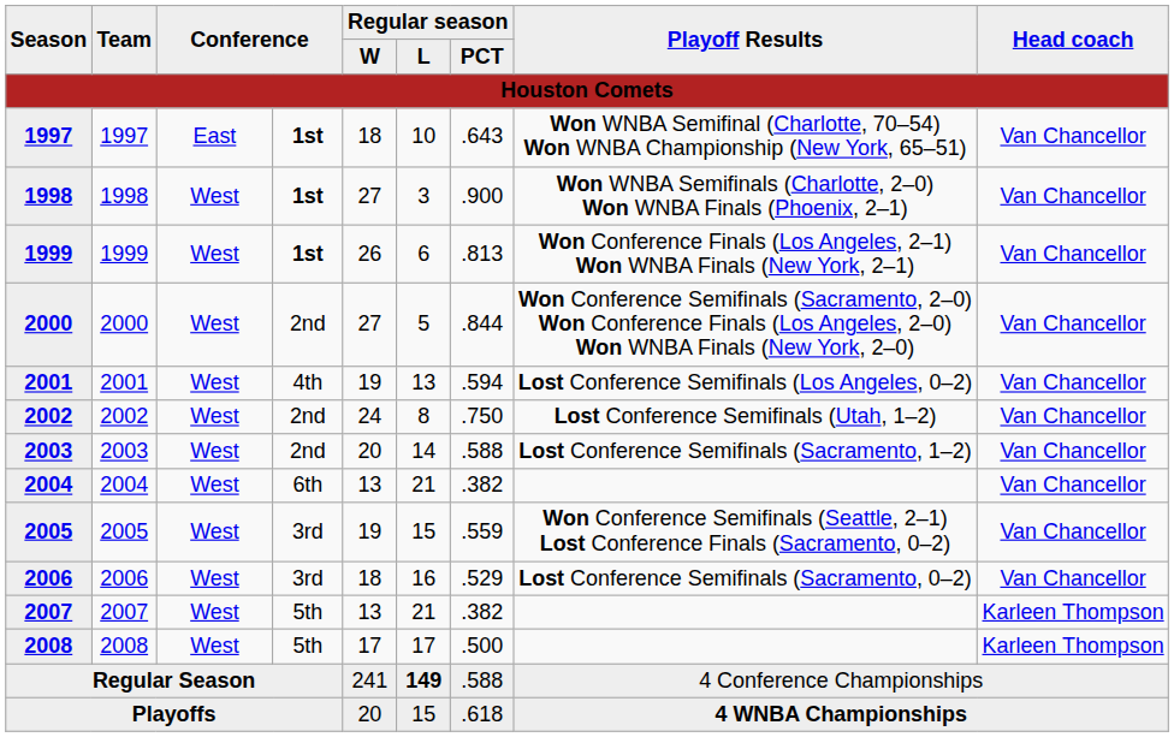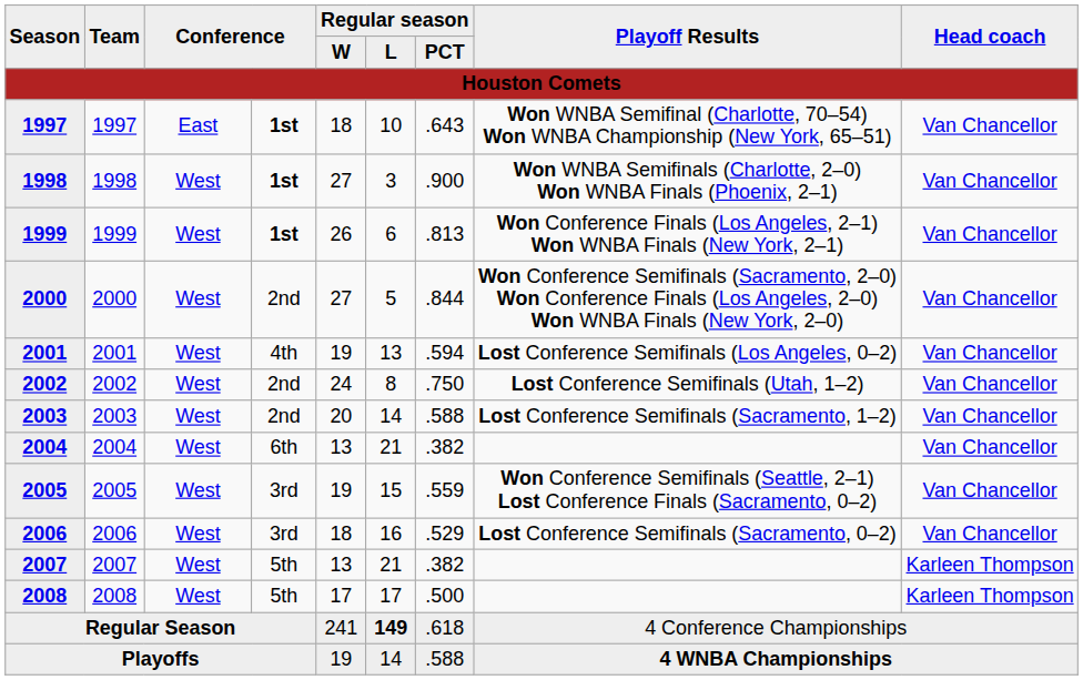 <table class="wikitable" style="font size:95%; text-align: center; margin:1em auto;">
 <tr>
 <th rowspan="2" style="background:#eee;">Season</th>
 <th rowspan="2" style="background:#eee;">Team</th>
 <th rowspan="2" colspan="2" style="background:#eee;">Conference</th>
 <th colspan="3" style="background:#eee;">Regular season</th>
 <th rowspan="2" style="background:#eee;"><a href='#'>Playoff</a> Results</th>
 <th rowspan="2" style="background:#eee;"><a href='#'>Head coach</a></th>
 </tr>
 <tr>
 <th style="background:#eee;">W</th>
 <th style="background:#eee;">L</th>
 <th style="background:#eee;">PCT</th>
 </tr>
 <tr>
 <td colspan="9" align=center bgcolor="#B22222 "><strong><span>Houston Comets</span></strong></td>
 </tr>
 <tr align="center">
 <th style="background:#eee;"><a href='#'>1997</a></th>
 <td><a href='#'>1997</a></td>
 <td style="width: 10%"><a href='#'>East</a></td>
 <td><strong>1st</strong></td>
 <td>18</td>
 <td>10</td>
 <td>.643</td>
 <td><strong>Won</strong> WNBA Semifinal (<a href='#'>Charlotte</a>, 70–54)<br> <strong>Won</strong> WNBA Championship (<a href='#'>New York</a>, 65–51)</td>
 <td><a href='#'>Van Chancellor</a></td>
 </tr>
 <tr align="center">
 <th style="background:#eee;"><a href='#'>1998</a></th>
 <td><a href='#'>1998</a></td>
 <td style="width: 10%"><a href='#'>West</a></td>
 <td><strong>1st</strong></td>
 <td>27</td>
 <td>3</td>
 <td>.900</td>
 <td><strong>Won</strong> WNBA Semifinals (<a href='#'>Charlotte</a>, 2–0)<br> <strong>Won</strong> WNBA Finals (<a href='#'>Phoenix</a>, 2–1)</td>
 <td><a href='#'>Van Chancellor</a></td>
 </tr>
 <tr align="center">
 <th style="background:#eee;"><a href='#'>1999</a></th>
 <td><a href='#'>1999</a></td>
 <td style="width: 10%"><a href='#'>West</a></td>
 <td><strong>1st</strong></td>
 <td>26</td>
 <td>6</td>
 <td>.813</td>
 <td><strong>Won</strong> Conference Finals (<a href='#'>Los Angeles</a>, 2–1)<br> <strong>Won</strong> WNBA Finals (<a href='#'>New York</a>, 2–1)</td>
 <td><a href='#'>Van Chancellor</a></td>
 </tr>
 <tr align="center">
 <th style="background:#eee;"><a href='#'>2000</a></th>
 <td><a href='#'>2000</a></td>
 <td style="width: 10%"><a href='#'>West</a></td>
 <td>2nd</td>
 <td>27</td>
 <td>5</td>
 <td>.844</td>
 <td><strong>Won</strong> Conference Semifinals (<a href='#'>Sacramento</a>, 2–0)<br> <strong>Won</strong> Conference Finals (<a href='#'>Los Angeles</a>, 2–0)<br> <strong>Won</strong> WNBA Finals (<a href='#'>New York</a>, 2–0)</td>
 <td><a href='#'>Van Chancellor</a></td>
 </tr>
 <tr align="center">
 <th style="background:#eee;"><a href='#'>2001</a></th>
 <td><a href='#'>2001</a></td>
 <td style="width: 10%"><a href='#'>West</a></td>
 <td>4th</td>
 <td>19</td>
 <td>13</td>
 <td>.594</td>
 <td><strong>Lost</strong> Conference Semifinals (<a href='#'>Los Angeles</a>, 0–2)</td>
 <td><a href='#'>Van Chancellor</a></td>
 </tr>
 <tr align="center">
 <th style="background:#eee;"><a href='#'>2002</a></th>
 <td><a href='#'>2002</a></td>
 <td style="width: 10%"><a href='#'>West</a></td>
 <td>2nd</td>
 <td>24</td>
 <td>8</td>
 <td>.750</td>
 <td><strong>Lost</strong> Conference Semifinals (<a href='#'>Utah</a>, 1–2)</td>
 <td><a href='#'>Van Chancellor</a></td>
 </tr>
 <tr align="center">
 <th style="background:#eee;"><a href='#'>2003</a></th>
 <td><a href='#'>2003</a></td>
 <td style="width: 10%"><a href='#'>West</a></td>
 <td>2nd</td>
 <td>20</td>
 <td>14</td>
 <td>.588</td>
 <td><strong>Lost</strong> Conference Semifinals (<a href='#'>Sacramento</a>, 1–2)</td>
 <td><a href='#'>Van Chancellor</a></td>
 </tr>
 <tr align="center">
 <th style="background:#eee;"><a href='#'>2004</a></th>
 <td><a href='#'>2004</a></td>
 <td style="width: 10%"><a href='#'>West</a></td>
 <td>6th</td>
 <td>13</td>
 <td>21</td>
 <td>.382</td>
 <td></td>
 <td><a href='#'>Van Chancellor</a></td>
 </tr>
 <tr align="center">
 <th style="background:#eee;"><a href='#'>2005</a></th>
 <td><a href='#'>2005</a></td>
 <td style="width: 10%"><a href='#'>West</a></td>
 <td>3rd</td>
 <td>19</td>
 <td>15</td>
 <td>.559</td>
 <td><strong>Won</strong> Conference Semifinals (<a href='#'>Seattle</a>, 2–1)<br> <strong>Lost</strong> Conference Finals (<a href='#'>Sacramento</a>, 0–2)</td>
 <td><a href='#'>Van Chancellor</a></td>
 </tr>
 <tr align="center">
 <th style="background:#eee;"><a href='#'>2006</a></th>
 <td><a href='#'>2006</a></td>
 <td style="width: 10%"><a href='#'>West</a></td>
 <td>3rd</td>
 <td>18</td>
 <td>16</td>
 <td>.529</td>
 <td><strong>Lost</strong> Conference Semifinals (<a href='#'>Sacramento</a>, 0–2)</td>
 <td><a href='#'>Van Chancellor</a></td>
 </tr>
 <tr align="center">
 <th style="background:#eee;"><a href='#'>2007</a></th>
 <td><a href='#'>2007</a></td>
 <td style="width: 10%"><a href='#'>West</a></td>
 <td>5th</td>
 <td>13</td>
 <td>21</td>
 <td>.382</td>
 <td></td>
 <td><a href='#'>Karleen Thompson</a></td>
 </tr>
 <tr align="center">
 <th style="background:#eee;"><a href='#'>2008</a></th>
 <td><a href='#'>2008</a></td>
 <td style="width: 10%"><a href='#'>West</a></td>
 <td>5th</td>
 <td>17</td>
 <td>17</td>
 <td>.500</td>
 <td></td>
 <td><a href='#'>Karleen Thompson</a></td>
 </tr>
 <tr>
 <th colspan="4" style="background:#eee;">Regular Season</th>
 <td style="background:#eee;">241</td>
 <td style="background:#eee;"><strong>149</strong></td>
-<td style="background:#eee;">.588</td>
+<td style="background:#eee;">.618</td>
 <td colspan="2" style="background:#eee;">4 Conference Championships</td>
 </tr>
 <tr>
 <th colspan="4" style="background:#eee;">Playoffs</th>
-<td style="background:#eee;">20</td>
-<td style="background:#eee;">15</td>
-<td style="background:#eee;">.618</td>
+<td style="background:#eee;">19</td>
+<td style="background:#eee;">14</td>
+<td style="background:#eee;">.588</td>
 <td colspan="2" style="background:#eee;"><strong>4 WNBA Championships</strong></td>
 </tr>
 </table>
